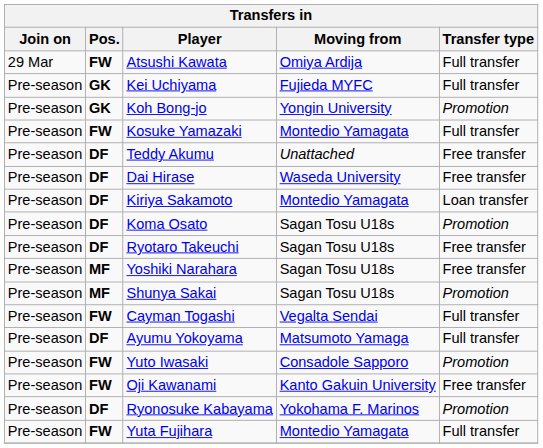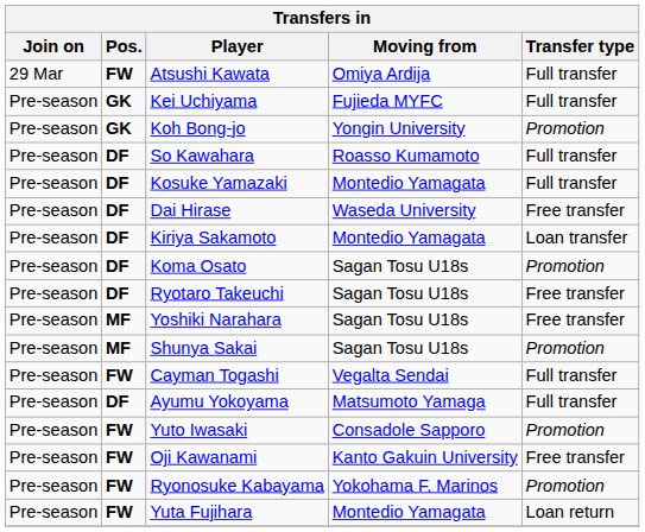 <table class="wikitable sortable" style=“text-align:left;>
 <tr>
 <th colspan="5">Transfers in</th>
 </tr>
 <tr>
 <th>Join on</th>
 <th>Pos.</th>
 <th>Player</th>
 <th>Moving from</th>
 <th>Transfer type</th>
 </tr>
 <tr>
 <td>29 Mar</td>
 <td><strong>FW</strong></td>
 <td> <a href='#'>Atsushi Kawata</a></td>
 <td> <a href='#'>Omiya Ardija</a></td>
 <td>Full transfer</td>
 </tr>
 <tr>
 <td>Pre-season</td>
 <td><strong>GK</strong></td>
 <td> <a href='#'>Kei Uchiyama</a></td>
 <td> <a href='#'>Fujieda MYFC</a></td>
 <td>Full transfer</td>
 </tr>
 <tr>
 <td>Pre-season</td>
 <td><strong>GK</strong></td>
 <td> <a href='#'>Koh Bong-jo</a></td>
 <td> <a href='#'>Yongin University</a></td>
 <td><em>Promotion</em></td>
 </tr>
 <tr>
 <td>Pre-season</td>
-<td><strong>FW</strong></td>
-<td> <a href='#'>Kosuke Yamazaki</a></td>
-<td> <a href='#'>Montedio Yamagata</a></td>
+<td><strong>DF</strong></td>
+<td> <a href='#'>So Kawahara</a></td>
+<td> <a href='#'>Roasso Kumamoto</a></td>
 <td>Full transfer</td>
 </tr>
 <tr>
 <td>Pre-season</td>
 <td><strong>DF</strong></td>
-<td> <a href='#'>Teddy Akumu</a></td>
-<td><em>Unattached</em></td>
-<td>Free transfer</td>
+<td> <a href='#'>Kosuke Yamazaki</a></td>
+<td> <a href='#'>Montedio Yamagata</a></td>
+<td>Full transfer</td>
 </tr>
 <tr>
 <td>Pre-season</td>
 <td><strong>DF</strong></td>
 <td> <a href='#'>Dai Hirase</a></td>
 <td> <a href='#'>Waseda University</a></td>
 <td>Free transfer</td>
 </tr>
 <tr>
 <td>Pre-season</td>
 <td><strong>DF</strong></td>
 <td> <a href='#'>Kiriya Sakamoto</a></td>
 <td> <a href='#'>Montedio Yamagata</a></td>
 <td>Loan transfer</td>
 </tr>
 <tr>
 <td>Pre-season</td>
 <td><strong>DF</strong></td>
 <td> <a href='#'>Koma Osato</a></td>
 <td>Sagan Tosu U18s</td>
 <td><em>Promotion</em></td>
 </tr>
 <tr>
 <td>Pre-season</td>
 <td><strong>DF</strong></td>
 <td> <a href='#'>Ryotaro Takeuchi</a></td>
 <td>Sagan Tosu U18s</td>
 <td>Free transfer</td>
 </tr>
 <tr>
 <td>Pre-season</td>
 <td><strong>MF</strong></td>
 <td> <a href='#'>Yoshiki Narahara</a></td>
 <td>Sagan Tosu U18s</td>
 <td>Free transfer</td>
 </tr>
 <tr>
 <td>Pre-season</td>
 <td><strong>MF</strong></td>
 <td> <a href='#'>Shunya Sakai</a></td>
 <td>Sagan Tosu U18s</td>
 <td><em>Promotion</em></td>
 </tr>
 <tr>
 <td>Pre-season</td>
 <td><strong>FW</strong></td>
 <td> <a href='#'>Cayman Togashi</a></td>
 <td> <a href='#'>Vegalta Sendai</a></td>
 <td>Full transfer</td>
 </tr>
 <tr>
 <td>Pre-season</td>
 <td><strong>DF</strong></td>
 <td> <a href='#'>Ayumu Yokoyama</a></td>
 <td> <a href='#'>Matsumoto Yamaga</a></td>
 <td>Full transfer</td>
 </tr>
 <tr>
 <td>Pre-season</td>
 <td><strong>FW</strong></td>
 <td> <a href='#'>Yuto Iwasaki</a></td>
 <td> <a href='#'>Consadole Sapporo</a></td>
 <td><em>Promotion</em></td>
 </tr>
 <tr>
 <td>Pre-season</td>
 <td><strong>FW</strong></td>
 <td> <a href='#'>Oji Kawanami</a></td>
 <td> <a href='#'>Kanto Gakuin University</a></td>
 <td>Free transfer</td>
 </tr>
 <tr>
 <td>Pre-season</td>
-<td><strong>DF</strong></td>
+<td><strong>FW</strong></td>
 <td> <a href='#'>Ryonosuke Kabayama</a></td>
 <td> <a href='#'>Yokohama F. Marinos</a></td>
 <td><em>Promotion</em></td>
 </tr>
 <tr>
 <td>Pre-season</td>
 <td><strong>FW</strong></td>
 <td> <a href='#'>Yuta Fujihara</a></td>
 <td> <a href='#'>Montedio Yamagata</a></td>
-<td>Full transfer</td>
+<td>Loan return</td>
 </tr>
 <tr>
 </tr>
 </table>
